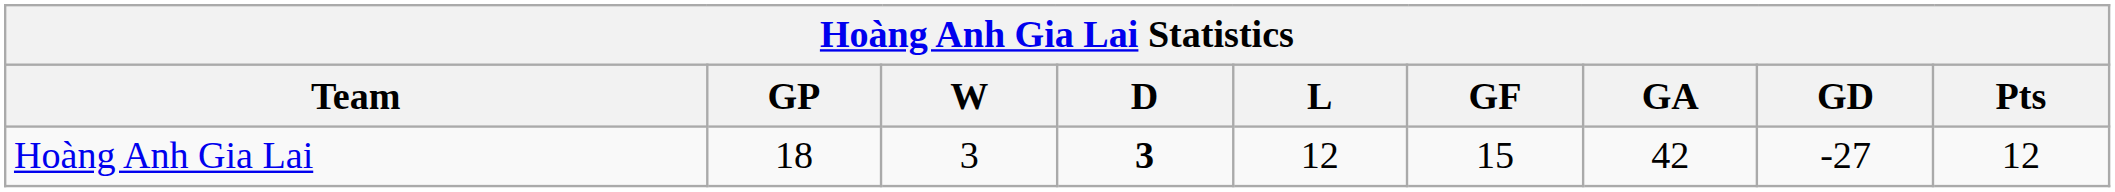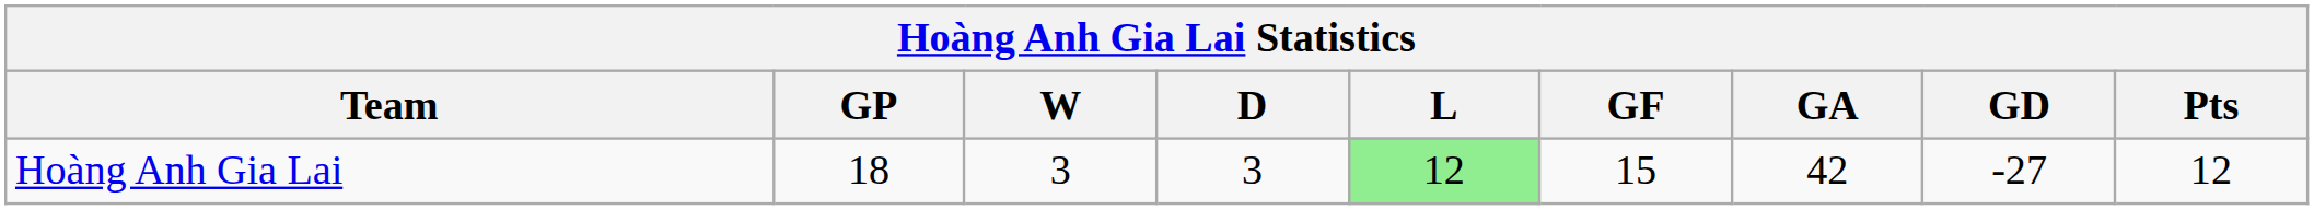 <table width=70% class="wikitable" style="text-align:center;">
 <tr>
 <th colspan=9><a href='#'>Hoàng Anh Gia Lai</a> Statistics</th>
 </tr>
 <tr>
 <th width=20%>Team</th>
 <th width=5%>GP</th>
 <th width=5%>W</th>
 <th width=5%>D</th>
 <th width=5%>L</th>
 <th width=5%>GF</th>
 <th width=5%>GA</th>
 <th width=5%>GD</th>
 <th width=5%>Pts</th>
 </tr>
 <tr>
 <td style="text-align:left;"> <a href='#'>Hoàng Anh Gia Lai</a></td>
 <td>18</td>
 <td>3</td>
-<td><strong>3</strong></td>
-<td>12</td>
+<td>3</td>
+<td style="background: lightgreen;">12</td>
 <td>15</td>
 <td>42</td>
 <td>-27</td>
 <td>12</td>
 </tr>
 </table>
